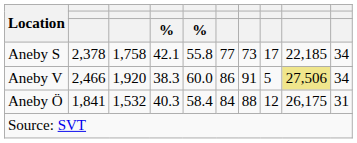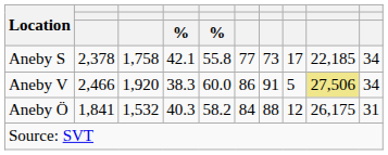 <table role="presentation" class="wikitable sortable mw-collapsible">
 <tr>
 <th rowspan="3">Location</th>
 <th></th>
 <th></th>
 <th></th>
 <th></th>
 <th></th>
 <th></th>
 <th></th>
 <th></th>
 <th></th>
 </tr>
 <tr>
 <th></th>
 <th></th>
 <th style="background:"></th>
 <th style="background:"></th>
 <th></th>
 <th></th>
 <th></th>
 <th></th>
 <th></th>
 </tr>
 <tr>
 <th data-sort-type="number"></th>
 <th data-sort-type="number"></th>
 <th data-sort-type="number">%</th>
 <th data-sort-type="number">%</th>
 <th data-sort-type="number"></th>
 <th data-sort-type="number"></th>
 <th data-sort-type="number"></th>
 <th data-sort-type="number"></th>
 <th data-sort-type="number"></th>
 </tr>
 <tr>
 <td align="left">Aneby S</td>
 <td>2,378</td>
 <td>1,758</td>
 <td>42.1</td>
 <td>55.8</td>
 <td>77</td>
 <td>73</td>
 <td>17</td>
 <td>22,185</td>
 <td>34</td>
 </tr>
 <tr>
 <td align="left">Aneby V</td>
 <td>2,466</td>
 <td>1,920</td>
 <td>38.3</td>
 <td>60.0</td>
 <td>86</td>
 <td>91</td>
 <td>5</td>
 <td style="background: khaki;">27,506</td>
 <td>34</td>
 </tr>
 <tr>
 <td align="left">Aneby Ö</td>
 <td>1,841</td>
 <td>1,532</td>
 <td>40.3</td>
-<td>58.4</td>
+<td>58.2</td>
 <td>84</td>
 <td>88</td>
 <td>12</td>
 <td>26,175</td>
 <td>31</td>
 </tr>
 <tr>
 <td colspan="10" align="left">Source: <a href='#'>SVT</a></td>
 </tr>
 </table>
